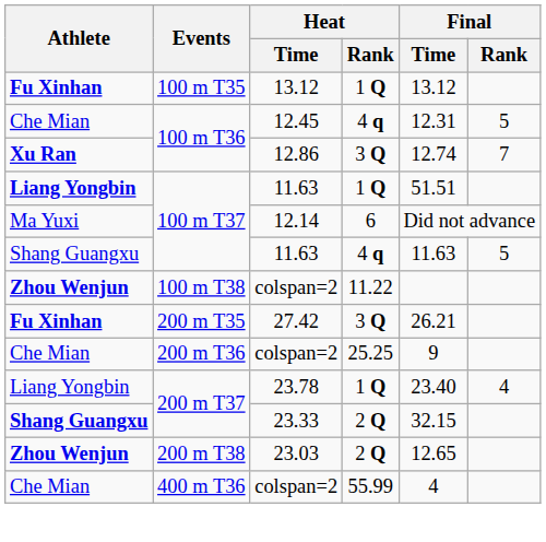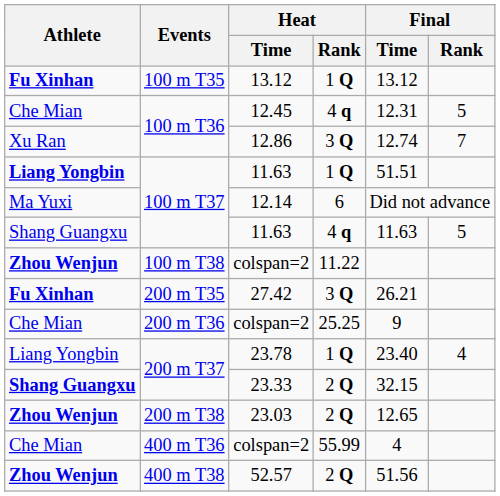 <table class=wikitable  style="text-align: center; font-size:90%">
 <tr>
 <th rowspan="2">Athlete</th>
 <th rowspan="2">Events</th>
 <th colspan="2">Heat</th>
 <th colspan="2">Final</th>
 </tr>
 <tr>
 <th>Time</th>
 <th>Rank</th>
 <th>Time</th>
 <th>Rank</th>
 </tr>
 <tr>
 <td align=left><strong><a href='#'>Fu Xinhan</a></strong></td>
 <td align=left><a href='#'>100 m T35</a></td>
 <td>13.12</td>
 <td>1 <strong>Q</strong></td>
 <td>13.12</td>
 <td></td>
 </tr>
 <tr>
 <td align=left><a href='#'>Che Mian</a></td>
 <td align=left rowspan=2><a href='#'>100 m T36</a></td>
 <td>12.45</td>
 <td>4 <strong>q</strong></td>
 <td>12.31</td>
 <td>5</td>
 </tr>
 <tr>
-<td align=left><strong><a href='#'>Xu Ran</a></strong></td>
+<td align=left><a href='#'>Xu Ran</a></td>
 <td>12.86</td>
 <td>3 <strong>Q</strong></td>
 <td>12.74</td>
 <td>7</td>
 </tr>
 <tr>
 <td align=left><strong><a href='#'>Liang Yongbin</a></strong></td>
 <td align=left rowspan=3><a href='#'>100 m T37</a></td>
 <td>11.63</td>
 <td>1 <strong>Q</strong></td>
 <td>51.51 </td>
 <td></td>
 </tr>
 <tr>
 <td align=left><a href='#'>Ma Yuxi</a></td>
 <td>12.14</td>
 <td>6</td>
 <td colspan=2>Did not advance</td>
 </tr>
 <tr>
 <td align=left><a href='#'>Shang Guangxu</a></td>
 <td>11.63</td>
 <td>4 <strong>q</strong></td>
 <td>11.63</td>
 <td>5</td>
 </tr>
 <tr>
 <td align=left><strong><a href='#'>Zhou Wenjun</a></strong></td>
 <td align=left><a href='#'>100 m T38</a></td>
 <td>colspan=2 </td>
 <td>11.22 </td>
 <td></td>
 </tr>
 <tr>
 <td align=left><strong><a href='#'>Fu Xinhan</a></strong></td>
 <td align=left><a href='#'>200 m T35</a></td>
 <td>27.42</td>
 <td>3 <strong>Q</strong></td>
 <td>26.21 </td>
 <td></td>
 </tr>
 <tr>
 <td align=left><a href='#'>Che Mian</a></td>
 <td align=left><a href='#'>200 m T36</a></td>
 <td>colspan=2 </td>
 <td>25.25</td>
 <td>9</td>
 </tr>
 <tr>
 <td align=left><a href='#'>Liang Yongbin</a></td>
 <td align=left rowspan=2><a href='#'>200 m T37</a></td>
 <td>23.78</td>
 <td>1 <strong>Q</strong></td>
 <td>23.40</td>
 <td>4</td>
 </tr>
 <tr>
 <td align=left><strong><a href='#'>Shang Guangxu</a></strong></td>
 <td>23.33</td>
 <td>2 <strong>Q</strong></td>
 <td>32.15 </td>
 <td></td>
 </tr>
 <tr>
 <td align=left><strong><a href='#'>Zhou Wenjun</a></strong></td>
 <td align=left><a href='#'>200 m T38</a></td>
 <td>23.03</td>
 <td>2 <strong>Q</strong></td>
 <td>12.65 </td>
 <td></td>
 </tr>
 <tr>
 <td align=left><a href='#'>Che Mian</a></td>
 <td align=left><a href='#'>400 m T36</a></td>
 <td>colspan=2 </td>
 <td>55.99 </td>
 <td>4</td>
 </tr>
+<tr>
+<td align=left><strong><a href='#'>Zhou Wenjun</a></strong></td>
+<td align=left><a href='#'>400 m T38</a></td>
+<td>52.57</td>
+<td>2 <strong>Q</strong></td>
+<td>51.56 </td>
+<td></td>
+</tr>
 </table>
